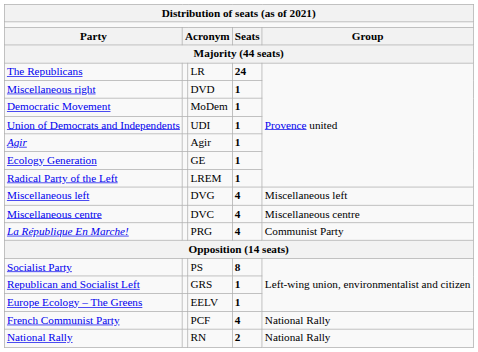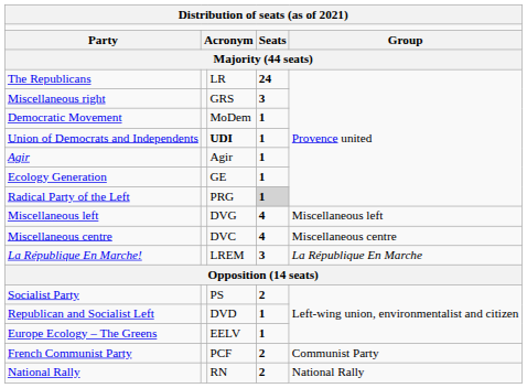 <table class="wikitable">
 <tr>
 <th colspan="5">Distribution of seats (as of 2021)</th>
 </tr>
 <tr>
 <td colspan="5"></td>
 </tr>
 <tr>
 <th>Party</th>
 <th colspan="2">Acronym</th>
 <th>Seats</th>
 <th>Group</th>
 </tr>
 <tr>
 <th colspan="5"><strong>Majority</strong> (44 seats)</th>
 </tr>
 <tr>
 <td><a href='#'>The Republicans</a></td>
 <td style="background-color: "></td>
 <td>LR</td>
 <td><strong>24</strong></td>
 <td rowspan="7"><a href='#'>Provence</a> united</td>
 </tr>
 <tr>
 <td><a href='#'>Miscellaneous right</a></td>
 <td style="background-color: "></td>
-<td>DVD</td>
-<td><strong>1</strong></td>
+<td>GRS</td>
+<td><strong>3</strong></td>
 </tr>
 <tr>
 <td><a href='#'>Democratic Movement</a></td>
 <td style="background-color: "></td>
 <td>MoDem</td>
 <td><strong>1</strong></td>
 </tr>
 <tr>
 <td><a href='#'>Union of Democrats and Independents</a></td>
 <td style="background-color: "></td>
-<td>UDI</td>
+<td><strong>UDI</strong></td>
 <td><strong>1</strong></td>
 </tr>
 <tr>
 <td><em><a href='#'>Agir</a></em></td>
 <td style="background-color: "></td>
 <td>Agir</td>
 <td><strong>1</strong></td>
 </tr>
 <tr>
 <td><a href='#'>Ecology Generation</a></td>
 <td style="background-color: "></td>
 <td>GE</td>
 <td><strong>1</strong></td>
 </tr>
 <tr>
 <td><a href='#'>Radical Party of the Left</a></td>
 <td style="background-color: "></td>
-<td>LREM</td>
-<td><strong>1</strong></td>
+<td>PRG</td>
+<td style="background: lightgrey;"><strong>1</strong></td>
 </tr>
 <tr>
 <td><a href='#'>Miscellaneous left</a></td>
 <td style="background-color: "></td>
 <td>DVG</td>
 <td><strong>4</strong></td>
 <td>Miscellaneous left</td>
 </tr>
 <tr>
 <td><a href='#'>Miscellaneous centre</a></td>
 <td style="background-color: "></td>
 <td>DVC</td>
 <td><strong>4</strong></td>
 <td>Miscellaneous centre</td>
 </tr>
 <tr>
 <td><em><a href='#'>La République En Marche!</a></em></td>
 <td style="background-color: "></td>
-<td>PRG</td>
-<td><strong>4</strong></td>
-<td>Communist Party</td>
+<td>LREM</td>
+<td><strong>3</strong></td>
+<td><em>La République En Marche</em></td>
 </tr>
 <tr>
 <th colspan="5"><strong>Opposition</strong> (14 seats)</th>
 </tr>
 <tr>
 <td><a href='#'>Socialist Party</a></td>
 <td style="background-color: "></td>
 <td>PS</td>
-<td><strong>8</strong></td>
+<td><strong>2</strong></td>
 <td rowspan="3">Left-wing union, environmentalist and citizen</td>
 </tr>
 <tr>
 <td><a href='#'>Republican and Socialist Left</a></td>
 <td style="background-color: "></td>
-<td>GRS</td>
+<td>DVD</td>
 <td><strong>1</strong></td>
 </tr>
 <tr>
 <td><a href='#'>Europe Ecology – The Greens</a></td>
 <td style="background-color: "></td>
 <td>EELV</td>
 <td><strong>1</strong></td>
 </tr>
 <tr>
 <td><a href='#'>French Communist Party</a></td>
 <td style="background-color: "></td>
 <td>PCF</td>
-<td><strong>4</strong></td>
-<td rowspan="1">National Rally</td>
+<td><strong>2</strong></td>
+<td>Communist Party</td>
 </tr>
 <tr>
 <td><a href='#'>National Rally</a></td>
 <td style="background-color: "></td>
 <td>RN</td>
 <td><strong>2</strong></td>
 <td rowspan="1">National Rally</td>
 </tr>
 </table>
